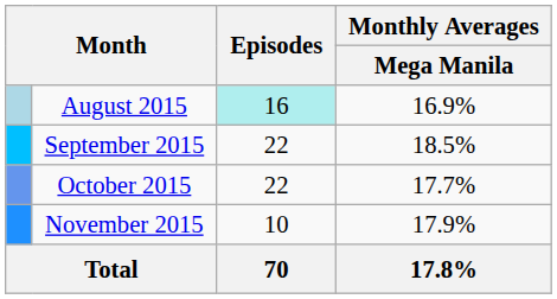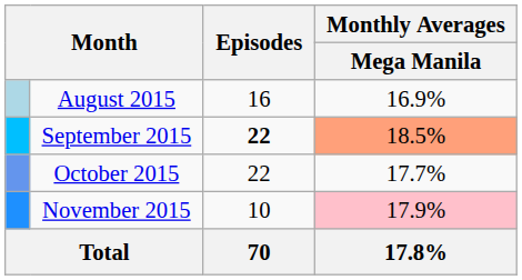 <table class="wikitable plainrowheaders" style="text-align: center; line-height:25px;">
 <tr class="wikitable" style="text-align: center;">
 <th colspan="2" rowspan="2" style="padding: 0 8px;">Month</th>
 <th rowspan="2" style="padding: 0 8px;">Episodes</th>
 <th colspan="2" style="padding: 0 8px;">Monthly Averages</th>
 </tr>
 <tr>
 <th style="padding: 0 8px;">Mega Manila</th>
 </tr>
 <tr>
 <td style="padding: 0 8px; background:#ADD8E6;"></td>
 <td style="padding: 0 8px;" '><a href='#'>August 2015</a></td>
-<td style="background: paleturquoise; padding: 0 8px;">16</td>
+<td style="padding: 0 8px;">16</td>
 <td style="padding: 0 8px;">16.9%</td>
 </tr>
 <tr>
 <td style="padding: 0 8px; background:#00BFFF;"></td>
 <td style="padding: 0 8px;" '><a href='#'>September 2015</a></td>
-<td style="padding: 0 8px;">22</td>
-<td style="padding: 0 8px;">18.5%</td>
+<td style="padding: 0 8px;"><strong>22</strong></td>
+<td style="background: lightsalmon; padding: 0 8px;">18.5%</td>
 </tr>
 <tr>
 <td style="padding: 0 8px; background:#6495ED;"></td>
 <td style="padding: 0 8px;" '><a href='#'>October 2015</a></td>
 <td style="padding: 0 8px;">22</td>
 <td style="padding: 0 8px;">17.7%</td>
 </tr>
 <tr>
 <td style="padding: 0 8px; background:#1E90FF;"></td>
 <td style="padding: 0 8px;" '><a href='#'>November 2015</a></td>
 <td style="padding: 0 8px;">10</td>
-<td style="padding: 0 8px;">17.9%</td>
+<td style="background: pink; padding: 0 8px;">17.9%</td>
 </tr>
 <tr>
 <th colspan="2">Total</th>
 <th colspan="1">70</th>
 <th colspan="2">17.8%</th>
 </tr>
 </table>
